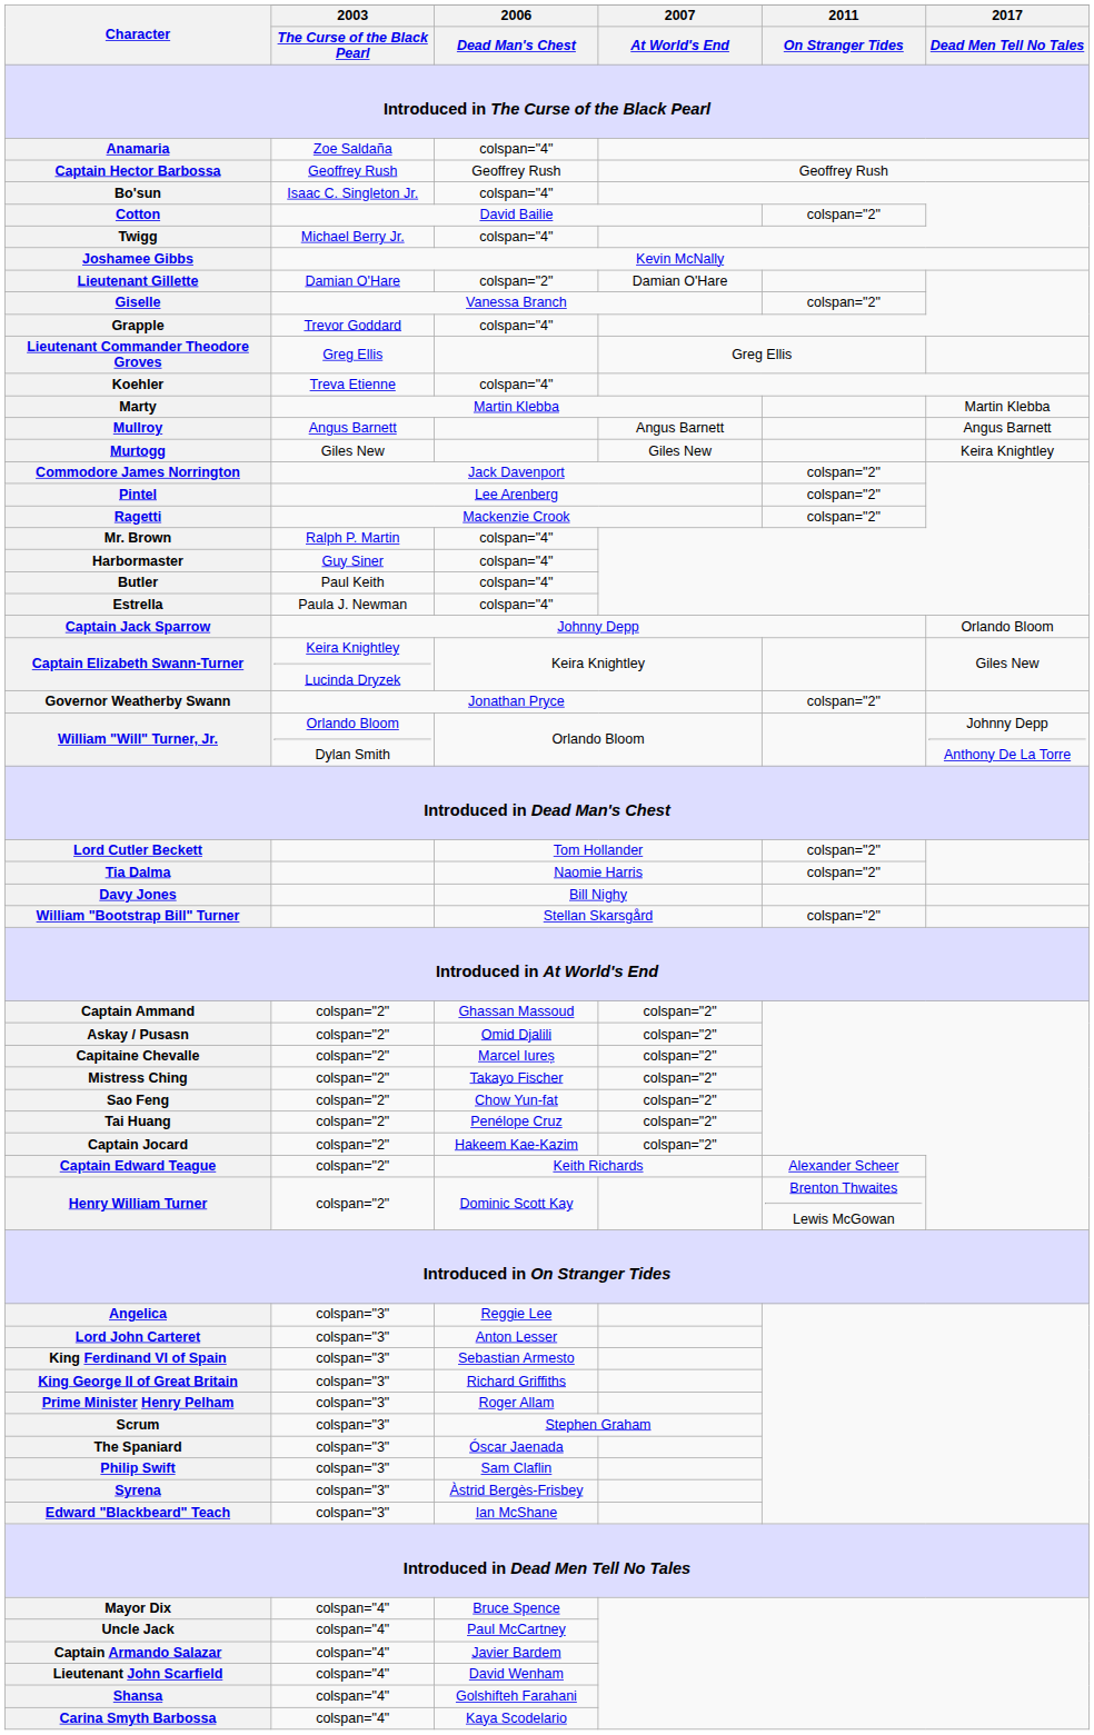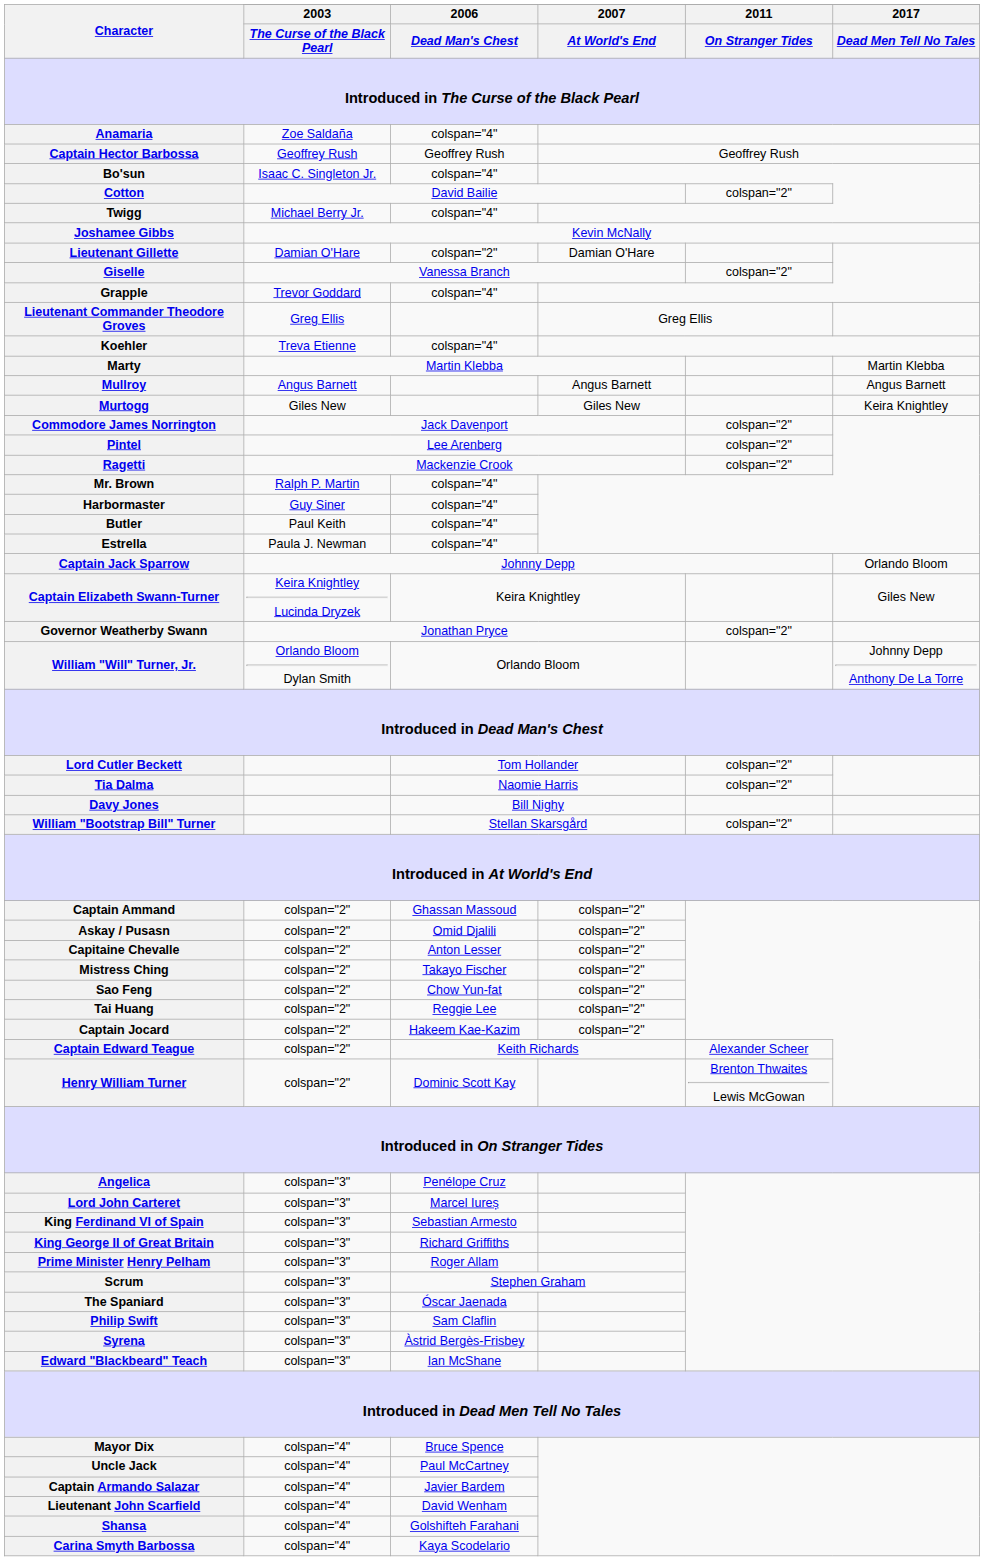 <table class="wikitable" style="text-align:center; width:99%;">
 <tr>
 <th rowspan="3" width="13%"><a href='#'>Character</a></th>
 </tr>
 <tr>
 <th>2003</th>
 <th>2006</th>
 <th>2007</th>
 <th>2011</th>
 <th>2017</th>
 </tr>
 <tr>
 <th align="center" width="8%"><em><a href='#'>The Curse of the Black Pearl</a></em></th>
 <th align="center" width="8%"><em><a href='#'>Dead Man's Chest</a></em></th>
 <th align="center" width="8%"><em><a href='#'>At World's End</a></em></th>
 <th align="center" width="8%"><em><a href='#'>On Stranger Tides</a></em></th>
 <th align="center" width="8%"><em><a href='#'>Dead Men Tell No Tales</a></em></th>
 </tr>
 <tr>
 <th colspan="14" style="background-color:#ddf;"><br><h3>Introduced in <em>The Curse of the Black Pearl</em></h3></th>
 </tr>
 <tr>
 <th><a href='#'>Anamaria</a></th>
 <td><a href='#'>Zoe Saldaña</a></td>
 <td>colspan="4" </td>
 </tr>
 <tr>
 <th><a href='#'>Captain Hector Barbossa</a></th>
 <td><a href='#'>Geoffrey Rush</a></td>
 <td>Geoffrey Rush</td>
 <td colspan="3">Geoffrey Rush</td>
 </tr>
 <tr>
 <th>Bo'sun</th>
 <td><a href='#'>Isaac C. Singleton Jr.</a></td>
 <td>colspan="4" </td>
 </tr>
 <tr>
 <th><a href='#'>Cotton</a></th>
 <td colspan="3"><a href='#'>David Bailie</a></td>
 <td>colspan="2" </td>
 </tr>
 <tr>
 <th>Twigg</th>
 <td><a href='#'>Michael Berry Jr.</a></td>
 <td>colspan="4" </td>
 </tr>
 <tr>
 <th><a href='#'>Joshamee Gibbs</a></th>
 <td colspan="5"><a href='#'>Kevin McNally</a></td>
 </tr>
 <tr>
 <th><a href='#'>Lieutenant Gillette</a></th>
 <td><a href='#'>Damian O'Hare</a></td>
 <td>colspan="2" </td>
 <td>Damian O'Hare</td>
 <td></td>
 </tr>
 <tr>
 <th><a href='#'>Giselle</a></th>
 <td colspan="3"><a href='#'>Vanessa Branch</a></td>
 <td>colspan="2" </td>
 </tr>
 <tr>
 <th>Grapple</th>
 <td><a href='#'>Trevor Goddard</a></td>
 <td>colspan="4" </td>
 </tr>
 <tr>
 <th><a href='#'>Lieutenant Commander Theodore Groves</a></th>
 <td><a href='#'>Greg Ellis</a></td>
 <td></td>
 <td colspan="2">Greg Ellis</td>
 <td></td>
 </tr>
 <tr>
 <th>Koehler</th>
 <td><a href='#'>Treva Etienne</a></td>
 <td>colspan="4" </td>
 </tr>
 <tr>
 <th>Marty</th>
 <td colspan="3"><a href='#'>Martin Klebba</a></td>
 <td></td>
 <td>Martin Klebba</td>
 </tr>
 <tr>
 <th><a href='#'>Mullroy</a></th>
 <td><a href='#'>Angus Barnett</a></td>
 <td></td>
 <td>Angus Barnett</td>
 <td></td>
 <td>Angus Barnett</td>
 </tr>
 <tr>
 <th><a href='#'>Murtogg</a></th>
 <td>Giles New</td>
 <td></td>
 <td>Giles New</td>
 <td></td>
 <td>Keira Knightley</td>
 </tr>
 <tr>
 <th><a href='#'>Commodore James Norrington</a></th>
 <td colspan="3"><a href='#'>Jack Davenport</a></td>
 <td>colspan="2" </td>
 </tr>
 <tr>
 <th><a href='#'>Pintel</a></th>
 <td colspan="3"><a href='#'>Lee Arenberg</a></td>
 <td>colspan="2" </td>
 </tr>
 <tr>
 <th><a href='#'>Ragetti</a></th>
 <td colspan="3"><a href='#'>Mackenzie Crook</a></td>
 <td>colspan="2" </td>
 </tr>
 <tr>
 <th>Mr. Brown</th>
 <td><a href='#'>Ralph P. Martin</a></td>
 <td>colspan="4" </td>
 </tr>
 <tr>
 <th>Harbormaster</th>
 <td><a href='#'>Guy Siner</a></td>
 <td>colspan="4" </td>
 </tr>
 <tr>
 <th>Butler</th>
 <td>Paul Keith</td>
 <td>colspan="4" </td>
 </tr>
 <tr>
 <th>Estrella</th>
 <td>Paula J. Newman</td>
 <td>colspan="4" </td>
 </tr>
 <tr>
 <th><a href='#'>Captain Jack Sparrow</a></th>
 <td colspan="4"><a href='#'>Johnny Depp</a></td>
 <td>Orlando Bloom</td>
 </tr>
 <tr>
 <th><a href='#'>Captain Elizabeth Swann-Turner</a></th>
 <td><a href='#'>Keira Knightley</a><hr><a href='#'>Lucinda Dryzek</a></td>
 <td colspan="2">Keira Knightley</td>
 <td></td>
 <td>Giles New</td>
 </tr>
 <tr>
 <th>Governor Weatherby Swann</th>
 <td colspan="3"><a href='#'>Jonathan Pryce</a></td>
 <td>colspan="2" </td>
 </tr>
 <tr>
 <th><a href='#'>William "Will" Turner, Jr.</a></th>
 <td><a href='#'>Orlando Bloom</a><hr>Dylan Smith</td>
 <td colspan="2">Orlando Bloom</td>
 <td></td>
 <td>Johnny Depp<hr><a href='#'>Anthony De La Torre</a></td>
 </tr>
 <tr>
 <th colspan="14" style="background-color:#ddf;"><br><h3>Introduced in <em>Dead Man's Chest</em></h3></th>
 </tr>
 <tr>
 <th><a href='#'>Lord Cutler Beckett</a></th>
 <td></td>
 <td colspan="2"><a href='#'>Tom Hollander</a></td>
 <td>colspan="2" </td>
 </tr>
 <tr>
 <th><a href='#'>Tia Dalma<br></a></th>
 <td></td>
 <td colspan="2"><a href='#'>Naomie Harris</a></td>
 <td>colspan="2" </td>
 </tr>
 <tr>
 <th><a href='#'>Davy Jones</a></th>
 <td></td>
 <td colspan="2"><a href='#'>Bill Nighy</a></td>
 <td></td>
 <td></td>
 </tr>
 <tr>
 <th><a href='#'>William "Bootstrap Bill" Turner</a></th>
 <td></td>
 <td colspan="2"><a href='#'>Stellan Skarsgård</a></td>
 <td>colspan="2" </td>
 </tr>
 <tr>
 <th colspan="14" style="background-color:#ddf;"><br><h3>Introduced in <em>At World's End</em></h3></th>
 </tr>
 <tr>
 <th>Captain Ammand</th>
 <td>colspan="2" </td>
 <td><a href='#'>Ghassan Massoud</a></td>
 <td>colspan="2" </td>
 </tr>
 <tr>
 <th>Askay / Pusasn</th>
 <td>colspan="2" </td>
 <td><a href='#'>Omid Djalili</a></td>
 <td>colspan="2" </td>
 </tr>
 <tr>
 <th>Capitaine Chevalle</th>
 <td>colspan="2" </td>
-<td><a href='#'>Marcel Iureș</a></td>
+<td><a href='#'>Anton Lesser</a></td>
 <td>colspan="2" </td>
 </tr>
 <tr>
 <th>Mistress Ching</th>
 <td>colspan="2" </td>
 <td><a href='#'>Takayo Fischer</a></td>
 <td>colspan="2" </td>
 </tr>
 <tr>
 <th>Sao Feng</th>
 <td>colspan="2" </td>
 <td><a href='#'>Chow Yun-fat</a></td>
 <td>colspan="2" </td>
 </tr>
 <tr>
 <th>Tai Huang</th>
 <td>colspan="2" </td>
-<td><a href='#'>Penélope Cruz</a></td>
+<td><a href='#'>Reggie Lee</a></td>
 <td>colspan="2" </td>
 </tr>
 <tr>
 <th>Captain Jocard</th>
 <td>colspan="2" </td>
 <td><a href='#'>Hakeem Kae-Kazim</a></td>
 <td>colspan="2" </td>
 </tr>
 <tr>
 <th><a href='#'>Captain Edward Teague</a></th>
 <td>colspan="2" </td>
 <td colspan="2"><a href='#'>Keith Richards</a></td>
 <td><a href='#'>Alexander Scheer</a></td>
 </tr>
 <tr>
 <th><a href='#'>Henry William Turner</a></th>
 <td>colspan="2" </td>
 <td><a href='#'>Dominic Scott Kay</a></td>
 <td></td>
 <td><a href='#'>Brenton Thwaites</a><hr>Lewis McGowan</td>
 </tr>
 <tr>
 <th colspan="14" style="background-color:#ddf;"><br><h3>Introduced in <em>On Stranger Tides</em></h3></th>
 </tr>
 <tr>
 <th><a href='#'>Angelica</a></th>
 <td>colspan="3" </td>
-<td><a href='#'>Reggie Lee</a></td>
+<td><a href='#'>Penélope Cruz</a></td>
 <td></td>
 </tr>
 <tr>
 <th><a href='#'>Lord John Carteret</a></th>
 <td>colspan="3" </td>
-<td><a href='#'>Anton Lesser</a></td>
+<td><a href='#'>Marcel Iureș</a></td>
 <td></td>
 </tr>
 <tr>
 <th>King <a href='#'>Ferdinand VI of Spain</a></th>
 <td>colspan="3" </td>
 <td><a href='#'>Sebastian Armesto</a></td>
 <td></td>
 </tr>
 <tr>
 <th><a href='#'>King George II of Great Britain</a></th>
 <td>colspan="3" </td>
 <td><a href='#'>Richard Griffiths</a></td>
 <td></td>
 </tr>
 <tr>
 <th><a href='#'>Prime Minister</a> <a href='#'>Henry Pelham</a></th>
 <td>colspan="3" </td>
 <td><a href='#'>Roger Allam</a></td>
 <td></td>
 </tr>
 <tr>
 <th>Scrum</th>
 <td>colspan="3" </td>
 <td colspan="2"><a href='#'>Stephen Graham</a></td>
 </tr>
 <tr>
 <th>The Spaniard</th>
 <td>colspan="3" </td>
 <td><a href='#'>Óscar Jaenada</a></td>
 <td></td>
 </tr>
 <tr>
 <th><a href='#'>Philip Swift</a></th>
 <td>colspan="3" </td>
 <td><a href='#'>Sam Claflin</a></td>
 <td></td>
 </tr>
 <tr>
 <th><a href='#'>Syrena</a></th>
 <td>colspan="3" </td>
 <td><a href='#'>Àstrid Bergès-Frisbey</a></td>
 <td></td>
 </tr>
 <tr>
 <th><a href='#'>Edward "Blackbeard" Teach</a></th>
 <td>colspan="3" </td>
 <td><a href='#'>Ian McShane</a></td>
 <td></td>
 </tr>
 <tr>
 <th colspan="14" style="background-color:#ddf;"><br><h3>Introduced in <em>Dead Men Tell No Tales</em></h3></th>
 </tr>
 <tr>
 <th>Mayor Dix</th>
 <td>colspan="4" </td>
 <td><a href='#'>Bruce Spence</a></td>
 </tr>
 <tr>
 <th>Uncle Jack</th>
 <td>colspan="4" </td>
 <td><a href='#'>Paul McCartney</a></td>
 </tr>
 <tr>
 <th>Captain <a href='#'>Armando Salazar</a></th>
 <td>colspan="4" </td>
 <td><a href='#'>Javier Bardem</a></td>
 </tr>
 <tr>
 <th>Lieutenant <a href='#'>John Scarfield</a></th>
 <td>colspan="4" </td>
 <td><a href='#'>David Wenham</a></td>
 </tr>
 <tr>
 <th><a href='#'>Shansa</a></th>
 <td>colspan="4" </td>
 <td><a href='#'>Golshifteh Farahani</a></td>
 </tr>
 <tr>
 <th><a href='#'>Carina Smyth Barbossa</a></th>
 <td>colspan="4" </td>
 <td><a href='#'>Kaya Scodelario</a></td>
 </tr>
 </table>
